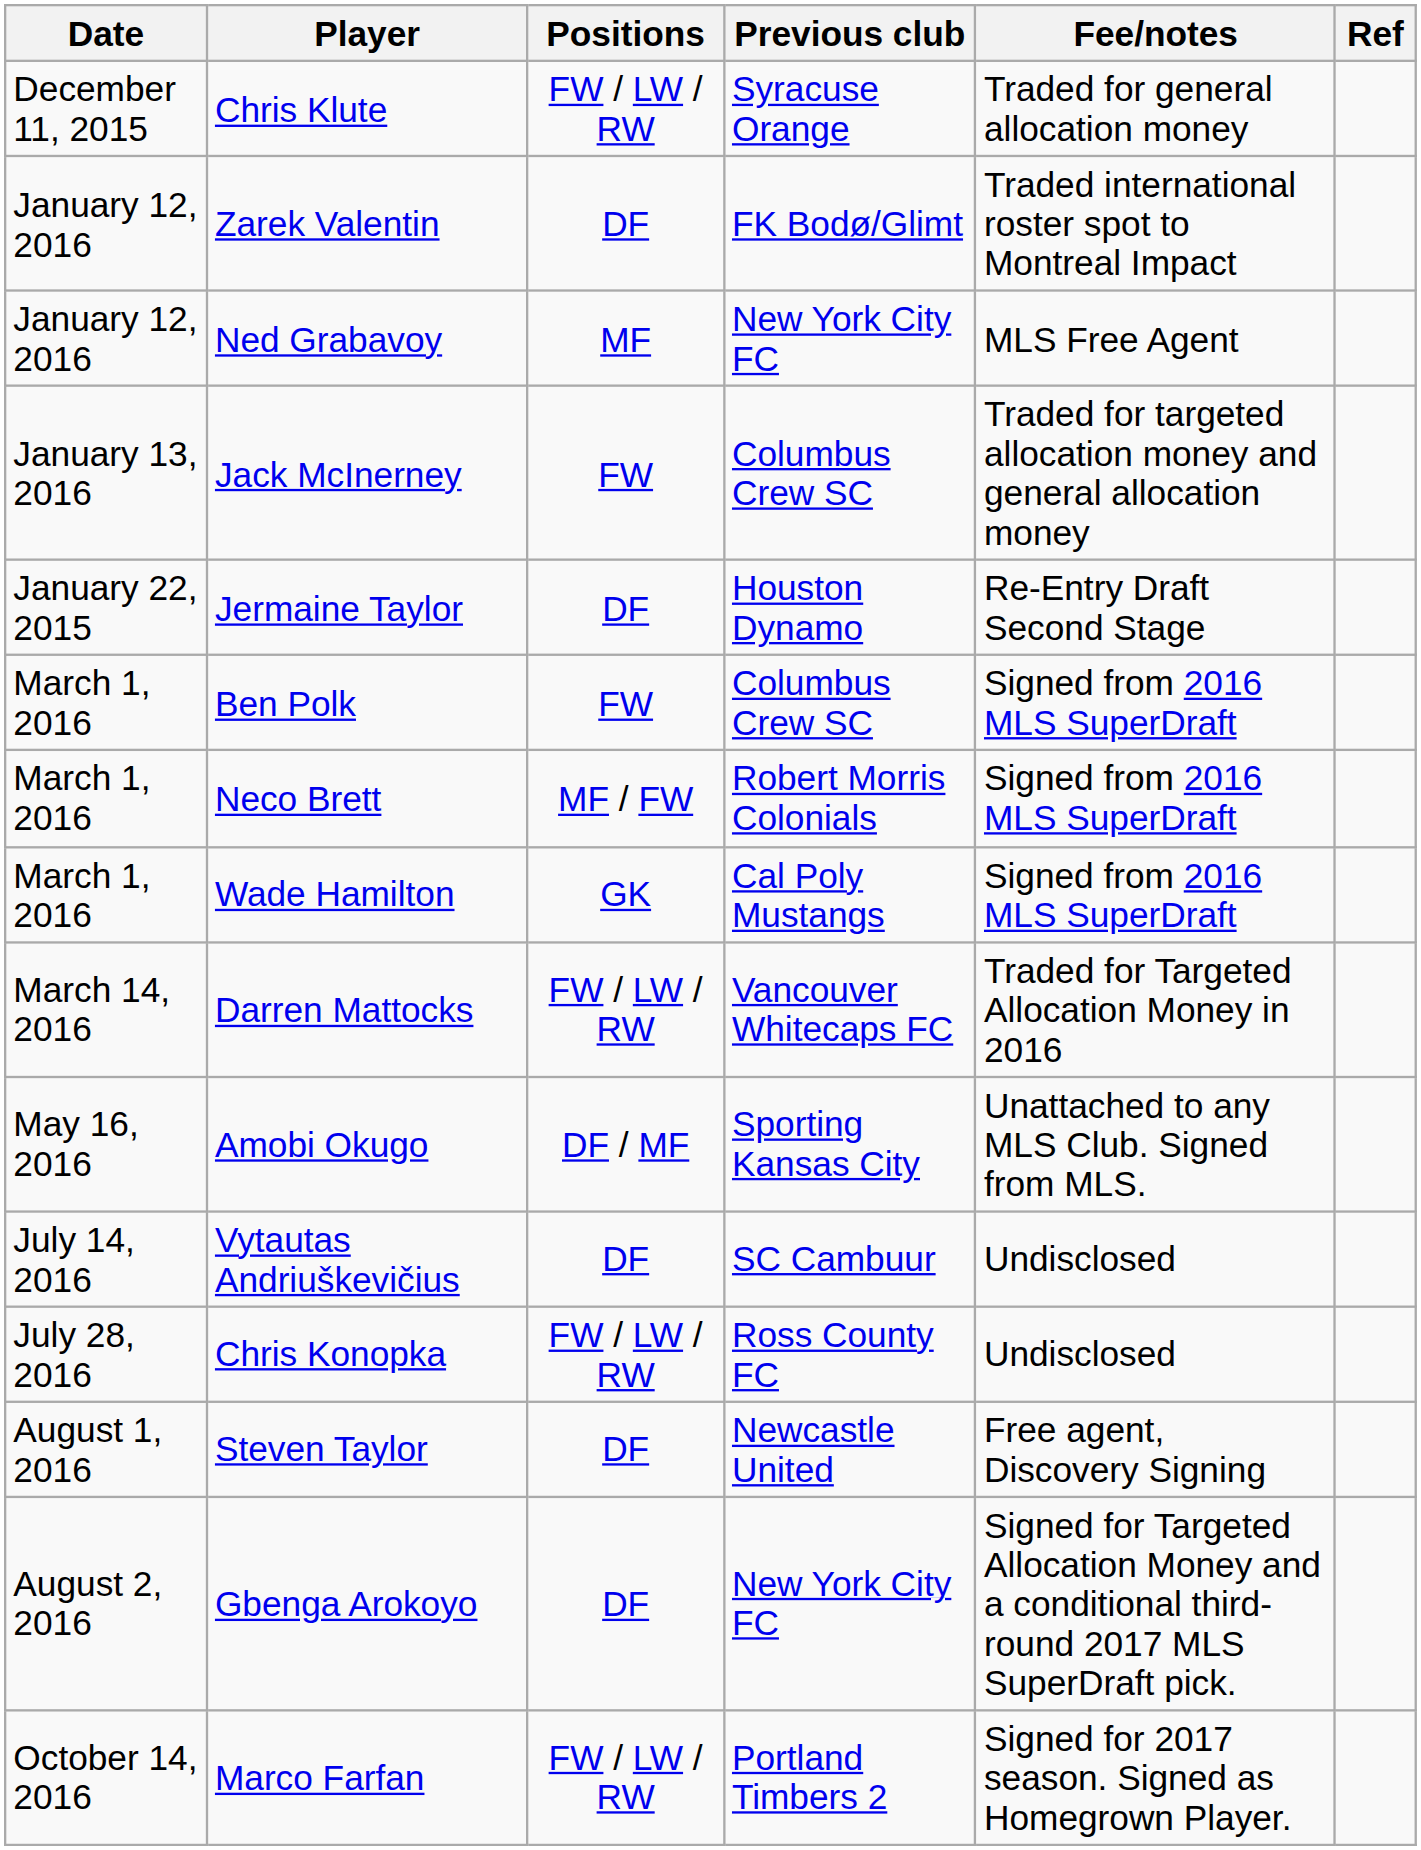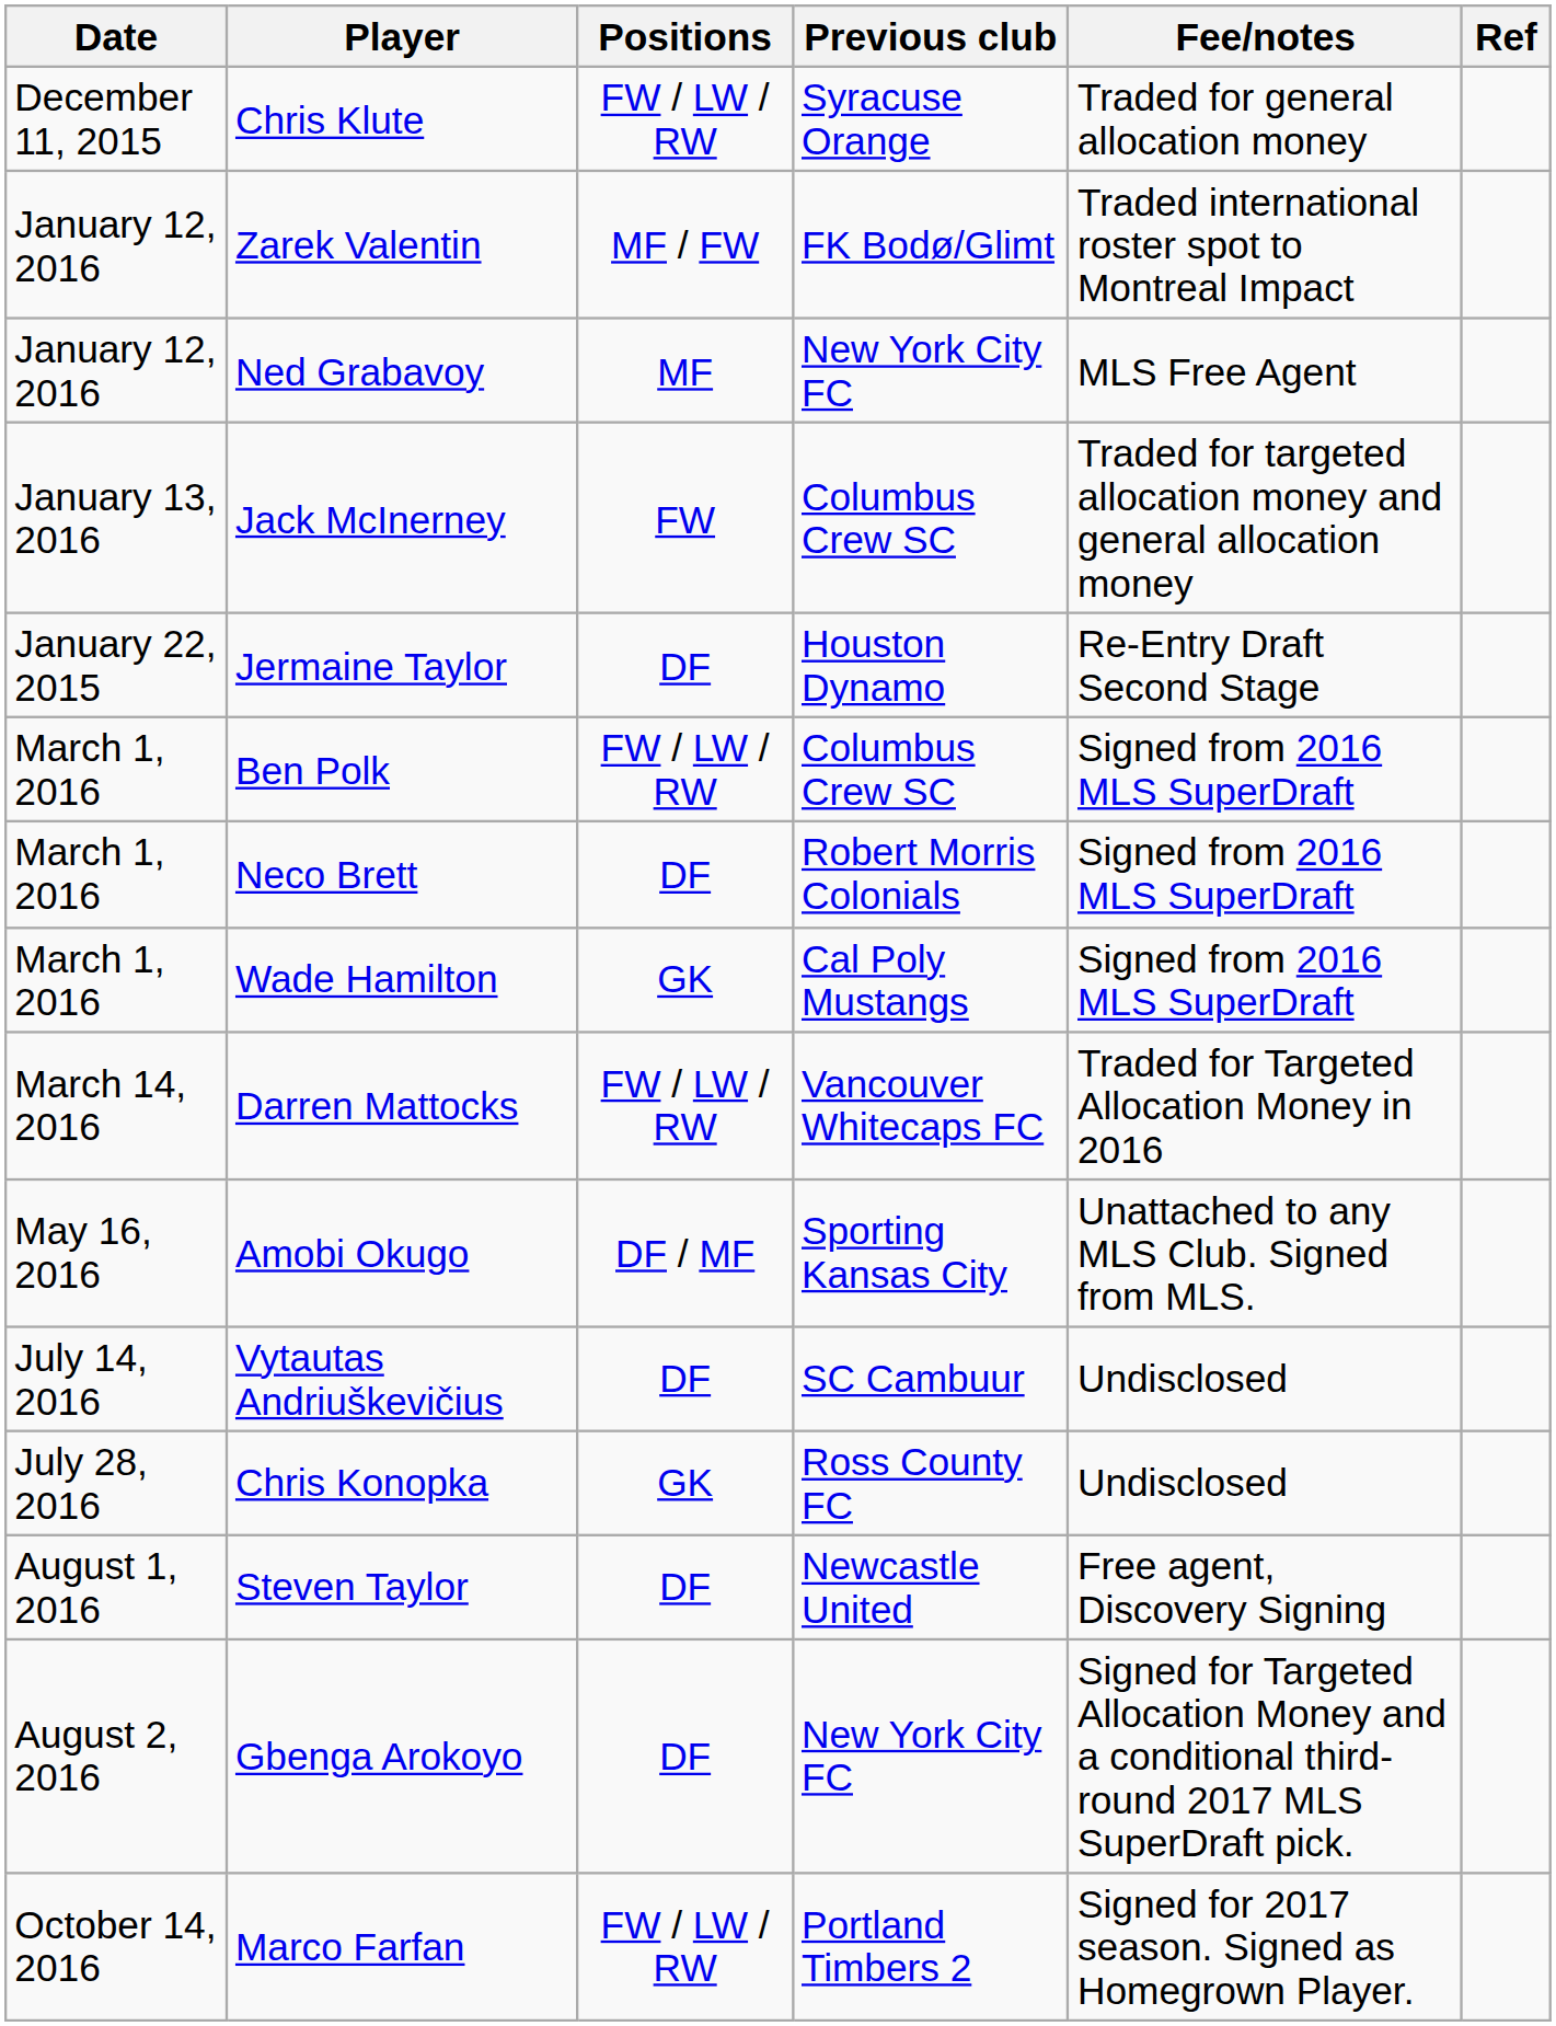 <table class="wikitable" style="text-align:left; font-size:95%;">
 <tr>
 <th style="width:125px;">Date</th>
 <th style="width:250px;">Player</th>
 <th style="width:120px;">Positions</th>
 <th style="width:220px;">Previous club</th>
 <th style="width:450px;">Fee/notes</th>
 <th style="width:40px;">Ref</th>
 </tr>
 <tr>
 <td>December 11, 2015</td>
 <td> <a href='#'>Chris Klute</a></td>
 <td style="text-align:center;"><a href='#'>FW</a> / <a href='#'>LW</a> / <a href='#'>RW</a></td>
 <td> <a href='#'>Syracuse Orange</a></td>
 <td>Traded for general allocation money</td>
 <td></td>
 </tr>
 <tr>
 <td>January 12, 2016</td>
 <td> <a href='#'>Zarek Valentin</a></td>
-<td style="text-align:center;"><a href='#'>DF</a></td>
+<td style="text-align:center;"><a href='#'>MF</a> / <a href='#'>FW</a></td>
 <td> <a href='#'>FK Bodø/Glimt</a></td>
 <td>Traded international roster spot to Montreal Impact</td>
 <td></td>
 </tr>
 <tr>
 <td>January 12, 2016</td>
 <td> <a href='#'>Ned Grabavoy</a></td>
 <td style="text-align:center;"><a href='#'>MF</a></td>
 <td> <a href='#'>New York City FC</a></td>
 <td>MLS Free Agent</td>
 <td></td>
 </tr>
 <tr>
 <td>January 13, 2016</td>
 <td> <a href='#'>Jack McInerney</a></td>
 <td style="text-align:center;"><a href='#'>FW</a></td>
 <td> <a href='#'>Columbus Crew SC</a></td>
 <td>Traded for targeted allocation money and general allocation money</td>
 <td></td>
 </tr>
 <tr>
 <td>January 22, 2015</td>
 <td> <a href='#'>Jermaine Taylor</a></td>
 <td style="text-align:center;"><a href='#'>DF</a></td>
 <td> <a href='#'>Houston Dynamo</a></td>
 <td>Re-Entry Draft Second Stage</td>
 <td></td>
 </tr>
 <tr>
 <td>March 1, 2016</td>
 <td> <a href='#'>Ben Polk</a></td>
-<td style="text-align:center;"><a href='#'>FW</a></td>
+<td style="text-align:center;"><a href='#'>FW</a> / <a href='#'>LW</a> / <a href='#'>RW</a></td>
 <td> <a href='#'>Columbus Crew SC</a></td>
 <td>Signed from <a href='#'>2016 MLS SuperDraft</a></td>
 <td></td>
 </tr>
 <tr>
 <td>March 1, 2016</td>
 <td> <a href='#'>Neco Brett</a></td>
-<td style="text-align:center;"><a href='#'>MF</a> / <a href='#'>FW</a></td>
+<td style="text-align:center;"><a href='#'>DF</a></td>
 <td> <a href='#'>Robert Morris Colonials</a></td>
 <td>Signed from <a href='#'>2016 MLS SuperDraft</a></td>
 <td></td>
 </tr>
 <tr>
 <td>March 1, 2016</td>
 <td> <a href='#'>Wade Hamilton</a></td>
 <td style="text-align:center;"><a href='#'>GK</a></td>
 <td> <a href='#'>Cal Poly Mustangs</a></td>
 <td>Signed from <a href='#'>2016 MLS SuperDraft</a></td>
 <td></td>
 </tr>
 <tr>
 <td>March 14, 2016</td>
 <td> <a href='#'>Darren Mattocks</a></td>
 <td style="text-align:center;"><a href='#'>FW</a> / <a href='#'>LW</a> / <a href='#'>RW</a></td>
 <td> <a href='#'>Vancouver Whitecaps FC</a></td>
 <td>Traded for Targeted Allocation Money in 2016</td>
 <td></td>
 </tr>
 <tr>
 <td>May 16, 2016</td>
 <td> <a href='#'>Amobi Okugo</a></td>
 <td style="text-align:center;"><a href='#'>DF</a> / <a href='#'>MF</a></td>
 <td> <a href='#'>Sporting Kansas City</a></td>
 <td>Unattached to any MLS Club.  Signed from MLS.</td>
 <td></td>
 </tr>
 <tr>
 <td>July 14, 2016</td>
 <td> <a href='#'>Vytautas Andriuškevičius</a></td>
 <td style="text-align:center;"><a href='#'>DF</a></td>
 <td> <a href='#'>SC Cambuur</a></td>
 <td>Undisclosed</td>
 <td></td>
 </tr>
 <tr>
 <td>July 28, 2016</td>
 <td> <a href='#'>Chris Konopka</a></td>
-<td style="text-align:center;"><a href='#'>FW</a> / <a href='#'>LW</a> / <a href='#'>RW</a></td>
+<td style="text-align:center;"><a href='#'>GK</a></td>
 <td> <a href='#'>Ross County FC</a></td>
 <td>Undisclosed</td>
 <td></td>
 </tr>
 <tr>
 <td>August 1, 2016</td>
 <td> <a href='#'>Steven Taylor</a></td>
 <td style="text-align:center;"><a href='#'>DF</a></td>
 <td> <a href='#'>Newcastle United</a></td>
 <td>Free agent, Discovery Signing</td>
 <td></td>
 </tr>
 <tr>
 <td>August 2, 2016</td>
 <td> <a href='#'>Gbenga Arokoyo</a></td>
 <td style="text-align:center;"><a href='#'>DF</a></td>
 <td> <a href='#'>New York City FC</a></td>
 <td>Signed for Targeted Allocation Money and a conditional third-round 2017 MLS SuperDraft pick.</td>
 <td></td>
 </tr>
 <tr>
 <td>October 14, 2016</td>
 <td> <a href='#'>Marco Farfan</a></td>
 <td style="text-align:center;"><a href='#'>FW</a> / <a href='#'>LW</a> / <a href='#'>RW</a></td>
 <td> <a href='#'>Portland Timbers 2</a></td>
 <td>Signed for 2017 season.  Signed as Homegrown Player.</td>
 <td></td>
 </tr>
 </table>
